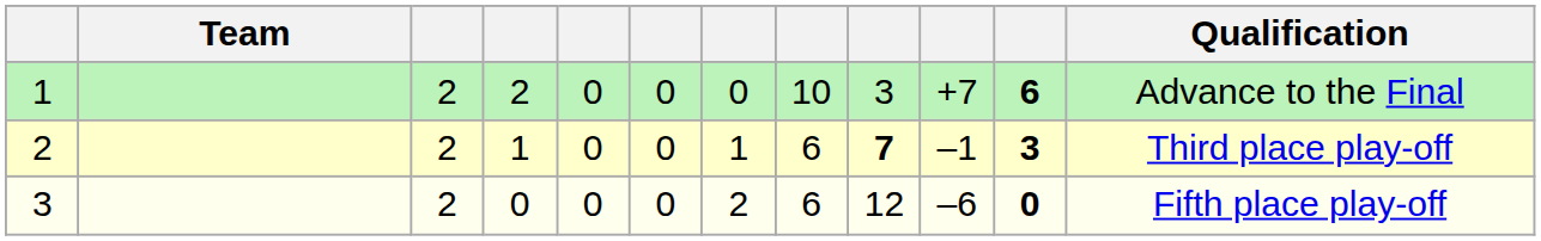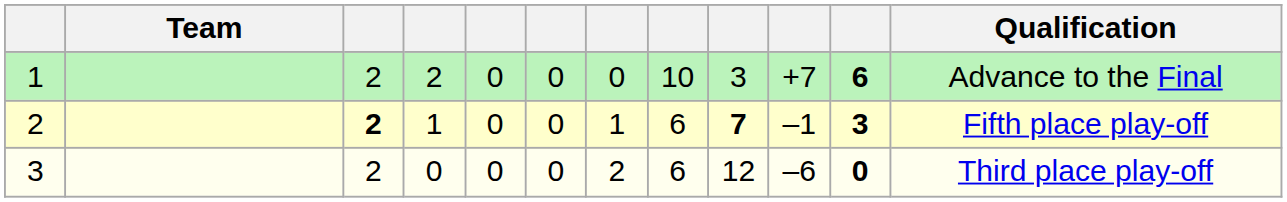 <table class="wikitable" style="text-align: center;">
 <tr>
 <th width="25"></th>
 <th width="140">Team</th>
 <th width="25"></th>
 <th width="25"></th>
 <th width="25"></th>
 <th width="25"></th>
 <th width="25"></th>
 <th width="25"></th>
 <th width="25"></th>
 <th width="25"></th>
 <th width="25"></th>
 <th width="200">Qualification</th>
 </tr>
 <tr style="background-color: #bbf3bb;">
 <td>1</td>
 <td align=left></td>
 <td>2</td>
 <td>2</td>
 <td>0</td>
 <td>0</td>
 <td>0</td>
 <td>10</td>
 <td>3</td>
 <td>+7</td>
 <td><strong>6</strong></td>
 <td>Advance to the <a href='#'>Final</a></td>
 </tr>
 <tr style="background-color: #FFFFCC;">
 <td>2</td>
 <td align=left></td>
-<td>2</td>
+<td><strong>2</strong></td>
 <td>1</td>
 <td>0</td>
 <td>0</td>
 <td>1</td>
 <td>6</td>
 <td><strong>7</strong></td>
 <td>–1</td>
 <td><strong>3</strong></td>
-<td><a href='#'>Third place play-off</a></td>
+<td><a href='#'>Fifth place play-off</a></td>
 </tr>
 <tr style="background-color: #FFFFEE;">
 <td>3</td>
 <td align=left></td>
 <td>2</td>
 <td>0</td>
 <td>0</td>
 <td>0</td>
 <td>2</td>
 <td>6</td>
 <td>12</td>
 <td>–6</td>
 <td><strong>0</strong></td>
-<td><a href='#'>Fifth place play-off</a></td>
+<td><a href='#'>Third place play-off</a></td>
 </tr>
 </table>
